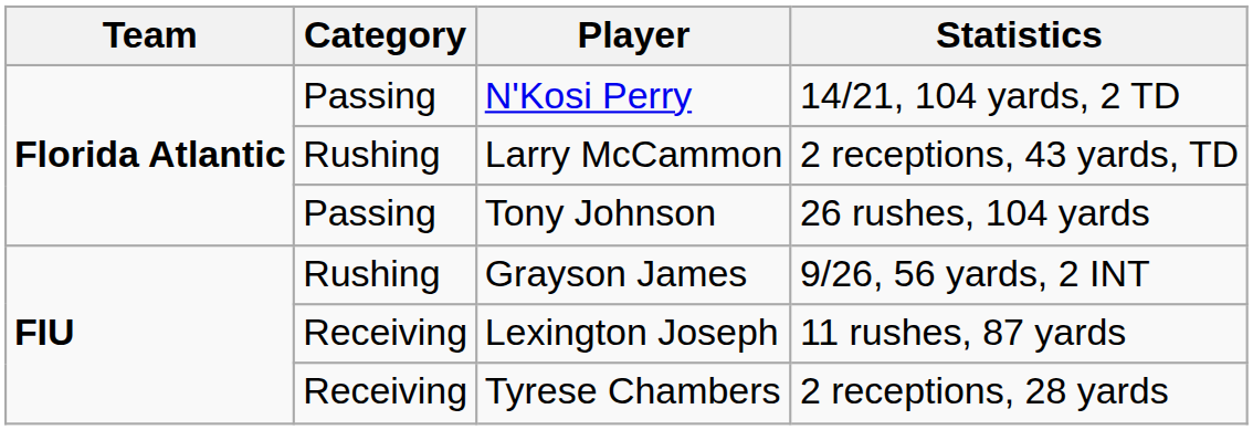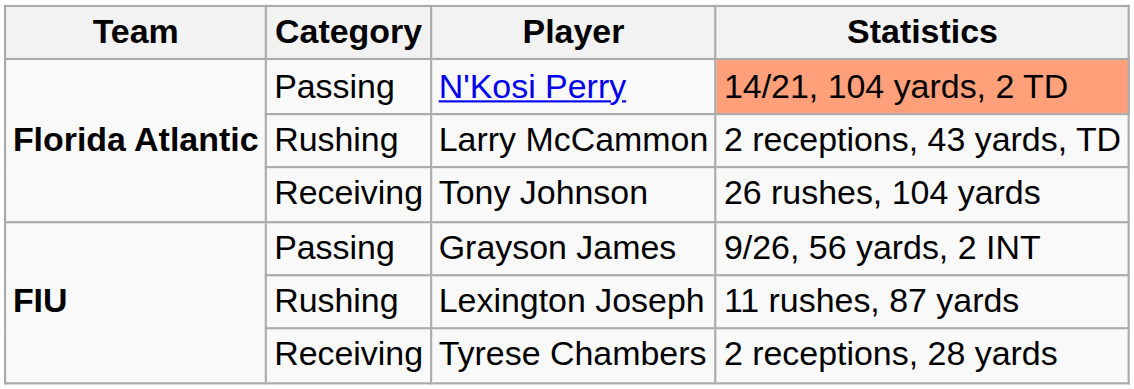 <table class="wikitable" style="float: left;">
 <tr>
 <th>Team</th>
 <th>Category</th>
 <th>Player</th>
 <th>Statistics</th>
 </tr>
 <tr>
 <td rowspan=3><strong>Florida Atlantic</strong></td>
 <td>Passing</td>
 <td><a href='#'>N'Kosi Perry</a></td>
-<td>14/21, 104 yards, 2 TD</td>
+<td style="background: lightsalmon;">14/21, 104 yards, 2 TD</td>
 </tr>
 <tr>
 <td>Rushing</td>
 <td>Larry McCammon</td>
 <td>2 receptions, 43 yards, TD</td>
 </tr>
 <tr>
-<td>Passing</td>
+<td>Receiving</td>
 <td>Tony Johnson</td>
 <td>26 rushes, 104 yards</td>
 </tr>
 <tr>
 <td rowspan=3><strong>FIU</strong></td>
-<td>Rushing</td>
+<td>Passing</td>
 <td>Grayson James</td>
 <td>9/26, 56 yards, 2 INT</td>
 </tr>
 <tr>
-<td>Receiving</td>
+<td>Rushing</td>
 <td>Lexington Joseph</td>
 <td>11 rushes, 87 yards</td>
 </tr>
 <tr>
 <td>Receiving</td>
 <td>Tyrese Chambers</td>
 <td>2 receptions, 28 yards</td>
 </tr>
 </table>
